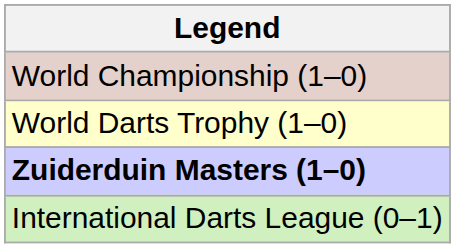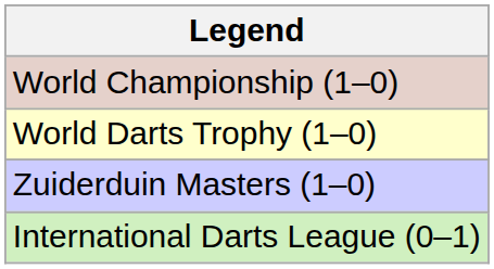 <table class="wikitable">
 <tr>
 <th>Legend</th>
 </tr>
 <tr style="background:#e5d1cb;">
 <td>World Championship (1–0)</td>
 </tr>
 <tr style="background:#ffc;">
 <td>World Darts Trophy (1–0)</td>
 </tr>
 <tr style="background:#ccf;">
-<td><strong>Zuiderduin Masters (1–0)</strong></td>
+<td>Zuiderduin Masters (1–0)</td>
 </tr>
 <tr style="background:#d0f0c0;">
 <td>International Darts League (0–1)</td>
 </tr>
 </table>
